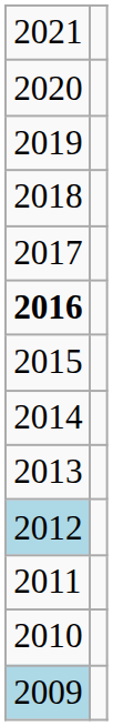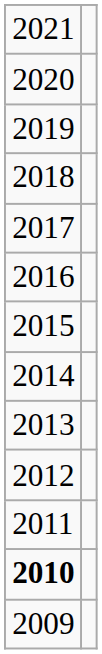 <table class="wikitable sortable">
 <tr>
 <td>2021</td>
 <td></td>
 </tr>
 <tr>
 <td>2020</td>
 <td></td>
 </tr>
 <tr>
 <td>2019</td>
 <td></td>
 </tr>
 <tr>
 <td>2018</td>
 <td></td>
 </tr>
 <tr>
 <td>2017</td>
 <td></td>
 </tr>
 <tr>
-<td><strong>2016</strong></td>
+<td>2016</td>
 <td></td>
 </tr>
 <tr>
 <td>2015</td>
 <td></td>
 </tr>
 <tr>
 <td>2014</td>
 <td></td>
 </tr>
 <tr>
 <td>2013</td>
 <td></td>
 </tr>
 <tr>
-<td style="background: lightblue;">2012</td>
+<td>2012</td>
 <td></td>
 </tr>
 <tr>
 <td>2011</td>
 <td></td>
 </tr>
 <tr>
-<td>2010</td>
+<td><strong>2010</strong></td>
 <td></td>
 </tr>
 <tr>
-<td style="background: lightblue;">2009</td>
+<td>2009</td>
 <td></td>
 </tr>
 </table>
